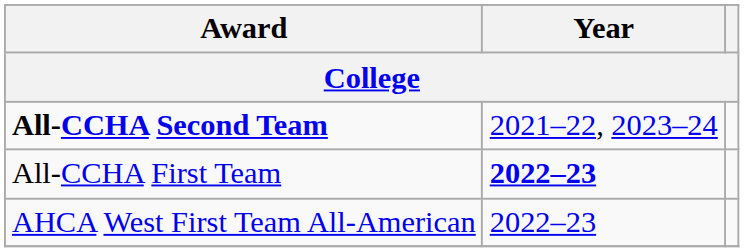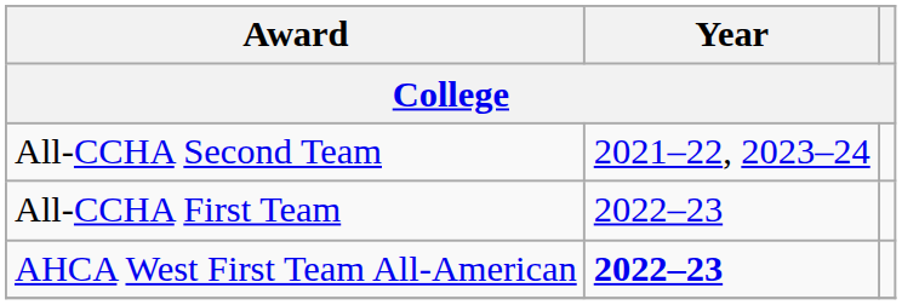 <table class="wikitable">
 <tr>
 <th>Award</th>
 <th>Year</th>
 <th></th>
 </tr>
 <tr ALIGN="center" bgcolor="#e0e0e0">
 <th colspan="3"><a href='#'>College</a></th>
 </tr>
 <tr>
-<td><strong>All-<a href='#'>CCHA</a> <a href='#'>Second Team</a></strong></td>
+<td>All-<a href='#'>CCHA</a> <a href='#'>Second Team</a></td>
 <td><a href='#'>2021–22</a>, <a href='#'>2023–24</a></td>
 <td></td>
 </tr>
 <tr>
 <td>All-<a href='#'>CCHA</a> <a href='#'>First Team</a></td>
-<td><strong><a href='#'>2022–23</a></strong></td>
+<td><a href='#'>2022–23</a></td>
 <td></td>
 </tr>
 <tr>
 <td><a href='#'>AHCA</a> <a href='#'>West First Team All-American</a></td>
-<td><a href='#'>2022–23</a></td>
+<td><strong><a href='#'>2022–23</a></strong></td>
 <td></td>
 </tr>
 <tr>
 </tr>
 </table>
